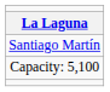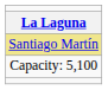 <table class="wikitable" style="text-align:center;margin:1em auto;">
 <tr>
 <td></td>
 </tr>
 <tr>
 <th><a href='#'>La Laguna</a></th>
 </tr>
 <tr>
-<td><a href='#'>Santiago Martín</a></td>
+<td style="background: khaki;"><a href='#'>Santiago Martín</a></td>
 </tr>
 <tr>
 <td>Capacity: 5,100</td>
 </tr>
 <tr>
 <td></td>
 </tr>
 </table>
